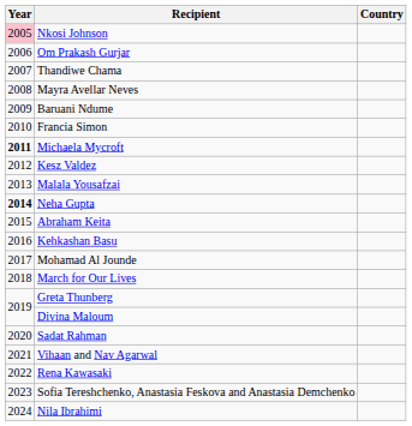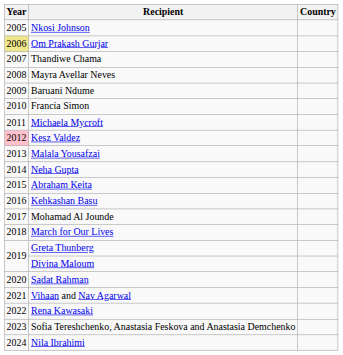 <table class="wikitable">
 <tr>
 <th>Year</th>
 <th>Recipient</th>
 <th>Country</th>
 </tr>
 <tr>
-<td style="background: pink;">2005</td>
+<td>2005</td>
 <td><a href='#'>Nkosi Johnson</a></td>
 <td></td>
 </tr>
 <tr>
-<td>2006</td>
+<td style="background: khaki;">2006</td>
 <td><a href='#'>Om Prakash Gurjar</a></td>
 <td></td>
 </tr>
 <tr>
 <td>2007</td>
 <td>Thandiwe Chama</td>
 <td></td>
 </tr>
 <tr>
 <td>2008</td>
 <td>Mayra Avellar Neves</td>
 <td></td>
 </tr>
 <tr>
 <td>2009</td>
 <td>Baruani Ndume</td>
 <td></td>
 </tr>
 <tr>
 <td>2010</td>
 <td>Francia Simon</td>
 <td></td>
 </tr>
 <tr>
-<td><strong>2011</strong></td>
+<td>2011</td>
 <td><a href='#'>Michaela Mycroft</a></td>
 <td></td>
 </tr>
 <tr>
-<td>2012</td>
+<td style="background: pink;">2012</td>
 <td><a href='#'>Kesz Valdez</a></td>
 <td></td>
 </tr>
 <tr>
 <td>2013</td>
 <td><a href='#'>Malala Yousafzai</a></td>
 <td></td>
 </tr>
 <tr>
-<td><strong>2014</strong></td>
+<td>2014</td>
 <td><a href='#'>Neha Gupta</a></td>
 <td></td>
 </tr>
 <tr>
 <td>2015</td>
 <td><a href='#'>Abraham Keita</a></td>
 <td></td>
 </tr>
 <tr>
 <td>2016</td>
 <td><a href='#'>Kehkashan Basu</a></td>
 <td></td>
 </tr>
 <tr>
 <td>2017</td>
 <td>Mohamad Al Jounde</td>
 <td></td>
 </tr>
 <tr>
 <td>2018</td>
 <td><a href='#'>March for Our Lives</a></td>
 <td></td>
 </tr>
 <tr>
 <td rowspan=2>2019</td>
 <td><a href='#'>Greta Thunberg</a></td>
 <td></td>
 </tr>
 <tr>
 <td><a href='#'>Divina Maloum</a></td>
 <td></td>
 </tr>
 <tr>
 <td>2020</td>
 <td><a href='#'>Sadat Rahman</a></td>
 <td></td>
 </tr>
 <tr>
 <td>2021</td>
 <td><a href='#'>Vihaan</a> and <a href='#'>Nav Agarwal</a></td>
 <td></td>
 </tr>
 <tr>
 <td>2022</td>
 <td><a href='#'>Rena Kawasaki</a></td>
 <td></td>
 </tr>
 <tr>
 <td>2023</td>
 <td>Sofia Tereshchenko, Anastasia Feskova and Anastasia Demchenko</td>
 <td></td>
 </tr>
 <tr>
 <td>2024</td>
 <td><a href='#'>Nila Ibrahimi</a></td>
 <td></td>
 </tr>
 </table>
